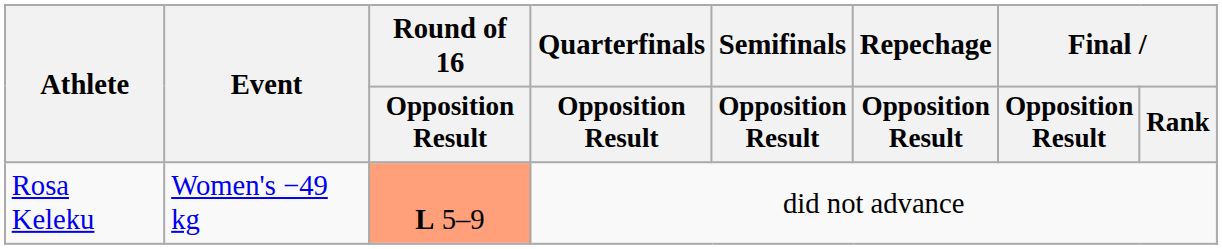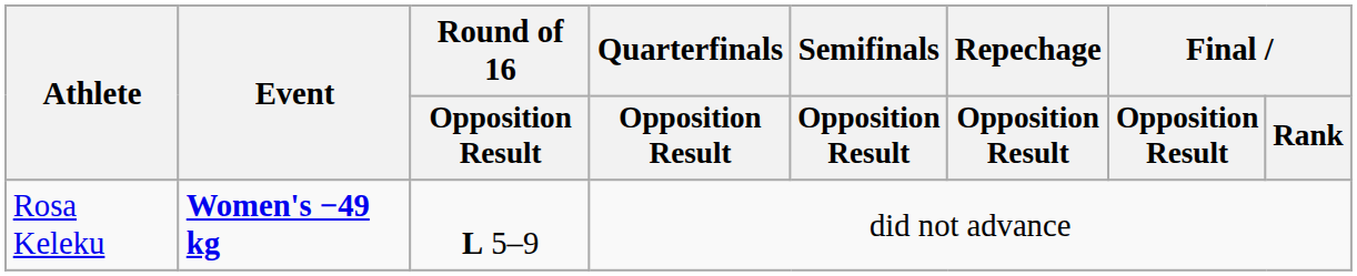 <table class="wikitable" style="font-size:90%;">
 <tr>
 <th rowspan=2>Athlete</th>
 <th rowspan=2>Event</th>
 <th>Round of 16</th>
 <th>Quarterfinals</th>
 <th>Semifinals</th>
 <th>Repechage</th>
 <th colspan=2>Final / </th>
 </tr>
 <tr style="font-size:95%">
 <th>Opposition<br>Result</th>
 <th>Opposition<br>Result</th>
 <th>Opposition<br>Result</th>
 <th>Opposition<br>Result</th>
 <th>Opposition<br>Result</th>
 <th>Rank</th>
 </tr>
 <tr align=center>
 <td align=left><a href='#'>Rosa Keleku</a></td>
-<td align=left><a href='#'>Women's −49 kg</a></td>
-<td style="background: lightsalmon;"><br><strong>L</strong> 5–9</td>
+<td align=left><strong><a href='#'>Women's −49 kg</a></strong></td>
+<td><br><strong>L</strong> 5–9</td>
 <td colspan=5>did not advance</td>
 </tr>
 </table>
